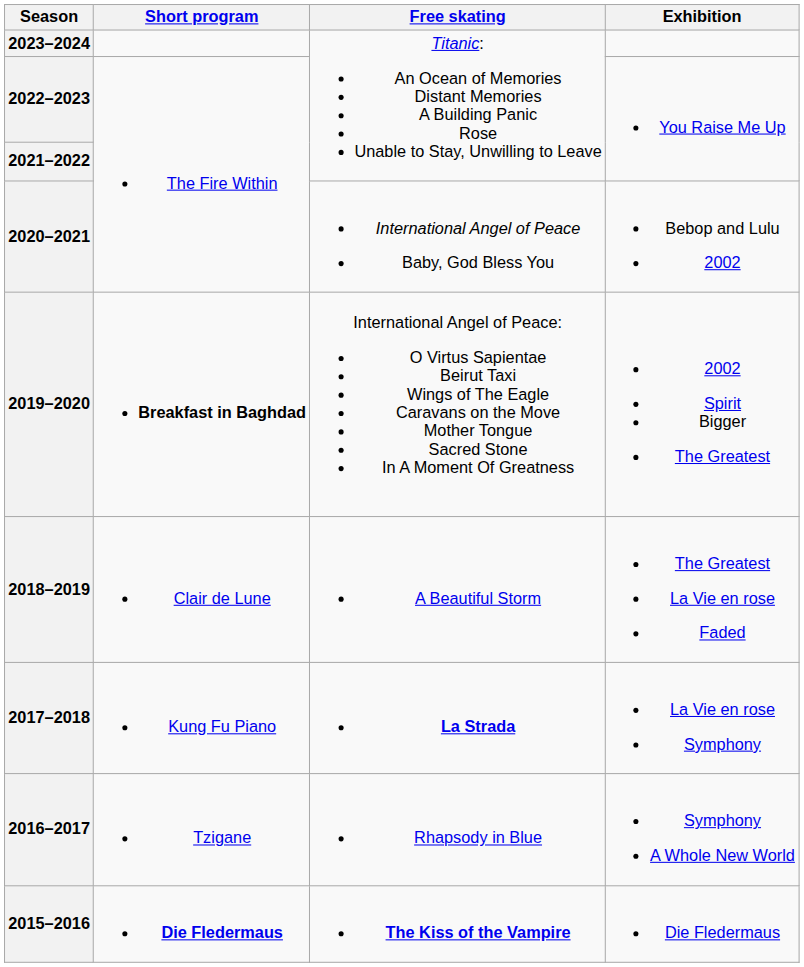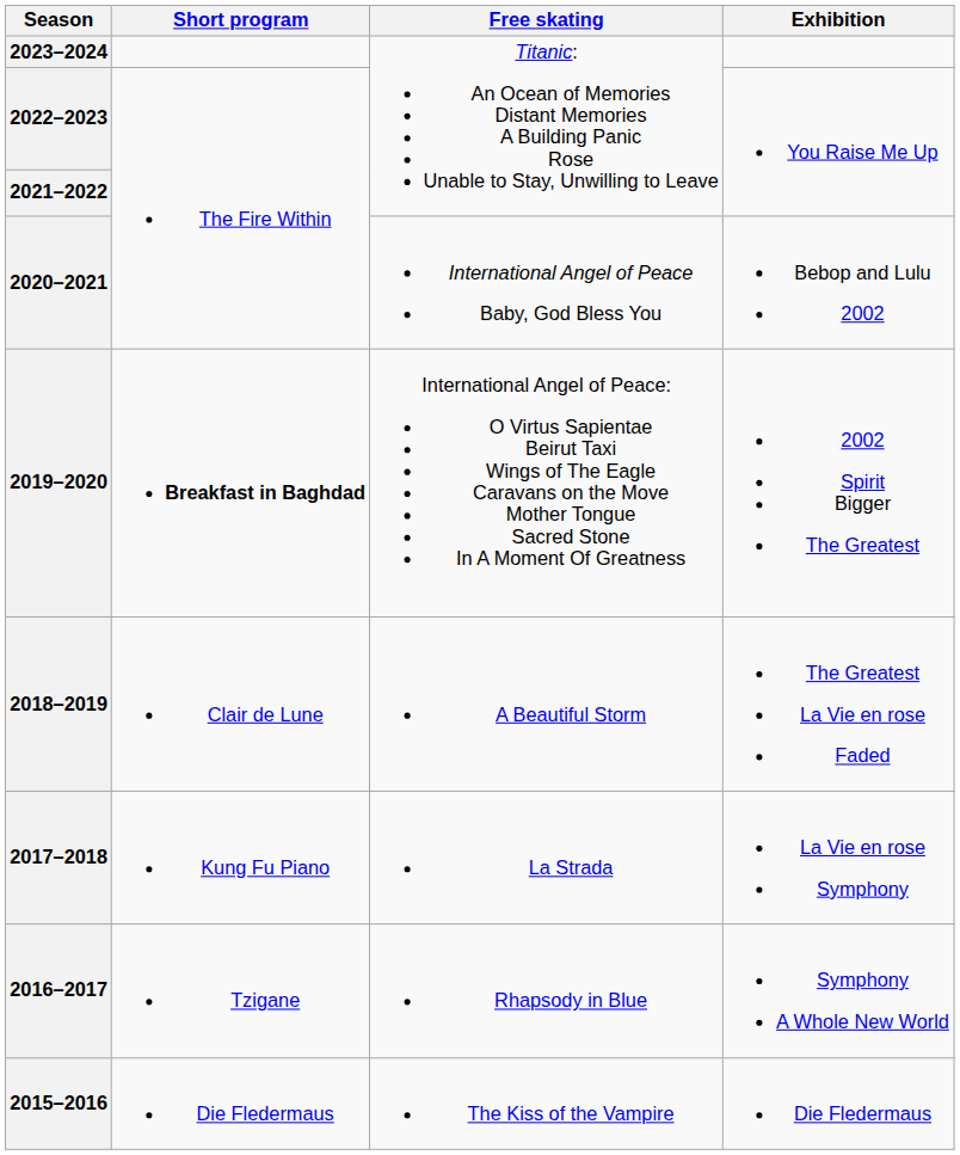 <table class=wikitable style=text-align:center>
 <tr>
 <th>Season</th>
 <th><a href='#'>Short program</a></th>
 <th><a href='#'>Free skating</a></th>
 <th>Exhibition</th>
 </tr>
 <tr>
 <th>2023–2024 <br> </th>
 <td></td>
 <td rowspan="3"><em><a href='#'>Titanic</a></em>:<br><ul><li>An Ocean of Memories</li><li>Distant Memories</li><li>A Building Panic</li><li>Rose</li><li>Unable to Stay, Unwilling to Leave <br></li></ul></td>
 <td></td>
 </tr>
 <tr>
 <th>2022–2023 <br> </th>
 <td rowspan="3"><br><ul><li><a href='#'>The Fire Within</a><br></li></ul></td>
 <td rowspan="2"><br><ul><li><a href='#'>You Raise Me Up</a> <br></li></ul></td>
 </tr>
 <tr>
 <th>2021–2022 <br> </th>
 </tr>
 <tr>
 <th>2020–2021 <br> </th>
 <td><br><ul><li><em>International Angel of Peace</em></li></ul><ul><li>Baby, God Bless You<br></li></ul></td>
 <td><br><ul><li>Bebop and Lulu <br></li></ul><ul><li><a href='#'>2002</a> <br></li></ul></td>
 </tr>
 <tr>
 <th>2019–2020 <br> </th>
 <td><strong><br><ul><li>Breakfast in Baghdad <br> </li></ul></strong></td>
 <td><br>International Angel of Peace:<ul><li>O Virtus Sapientae <br> </li><li>Beirut Taxi <br> </li><li>Wings of The Eagle <br> </li><li>Caravans on the Move <br> </li><li>Mother Tongue <br> </li><li>Sacred Stone <br> </li><li>In A Moment Of Greatness <br> <br> </li></ul></td>
 <td><br><ul><li><a href='#'>2002</a> <br></li></ul><ul><li><a href='#'>Spirit</a></li><li>Bigger <br></li></ul><ul><li><a href='#'>The Greatest</a> <br></li></ul></td>
 </tr>
 <tr>
 <th>2018–2019 <br> </th>
 <td><br><ul><li><a href='#'>Clair de Lune</a><br></li></ul></td>
 <td><br><ul><li><a href='#'>A Beautiful Storm</a><br></li></ul></td>
 <td><br><ul><li><a href='#'>The Greatest</a> <br></li></ul><ul><li><a href='#'>La Vie en rose</a> <br></li></ul><ul><li><a href='#'>Faded</a> <br></li></ul></td>
 </tr>
 <tr>
 <th>2017–2018 <br></th>
 <td><br><ul><li><a href='#'>Kung Fu Piano</a> <br></li></ul></td>
-<td><strong><br><ul><li><a href='#'>La Strada</a> <br></li></ul></strong></td>
+<td><br><ul><li><a href='#'>La Strada</a> <br></li></ul></td>
 <td><br><ul><li><a href='#'>La Vie en rose</a> <br></li></ul><ul><li><a href='#'>Symphony</a> <br></li></ul></td>
 </tr>
 <tr>
 <th>2016–2017 <br> </th>
 <td><br><ul><li><a href='#'>Tzigane</a> <br></li></ul></td>
 <td><br><ul><li><a href='#'>Rhapsody in Blue</a> <br></li></ul></td>
 <td><br><ul><li><a href='#'>Symphony</a> <br></li></ul><ul><li><a href='#'>A Whole New World</a> <br></li></ul></td>
 </tr>
 <tr>
 <th>2015–2016</th>
-<td><strong><br><ul><li><a href='#'>Die Fledermaus</a> <br></li></ul></strong></td>
-<td><strong><br><ul><li><a href='#'>The Kiss of the Vampire</a> <br></li></ul></strong></td>
+<td><br><ul><li><a href='#'>Die Fledermaus</a> <br></li></ul></td>
+<td><br><ul><li><a href='#'>The Kiss of the Vampire</a> <br></li></ul></td>
 <td><br><ul><li><a href='#'>Die Fledermaus</a> <br></li></ul></td>
 </tr>
 </table>
